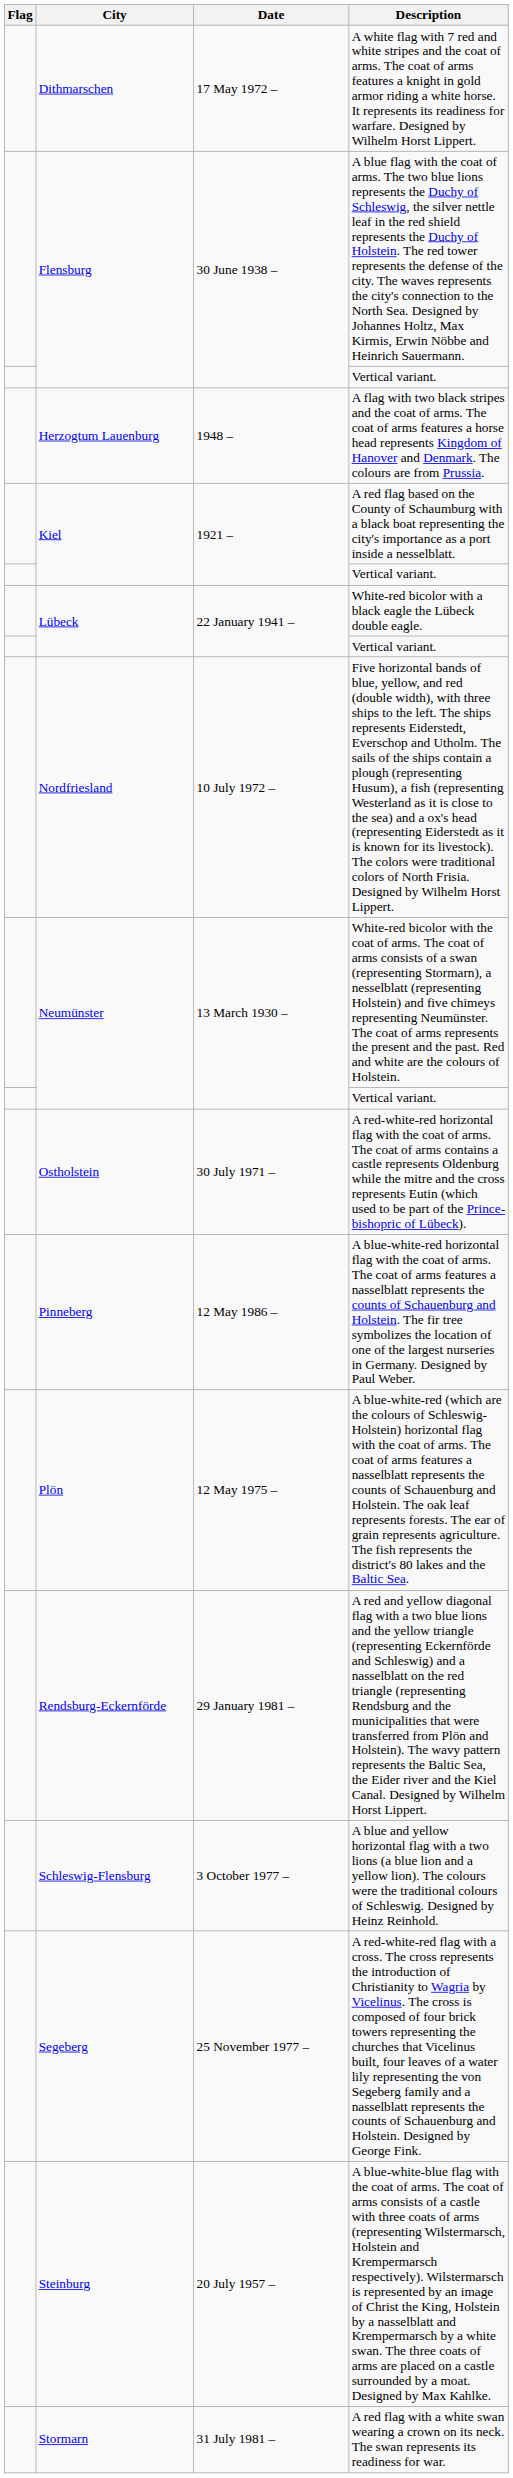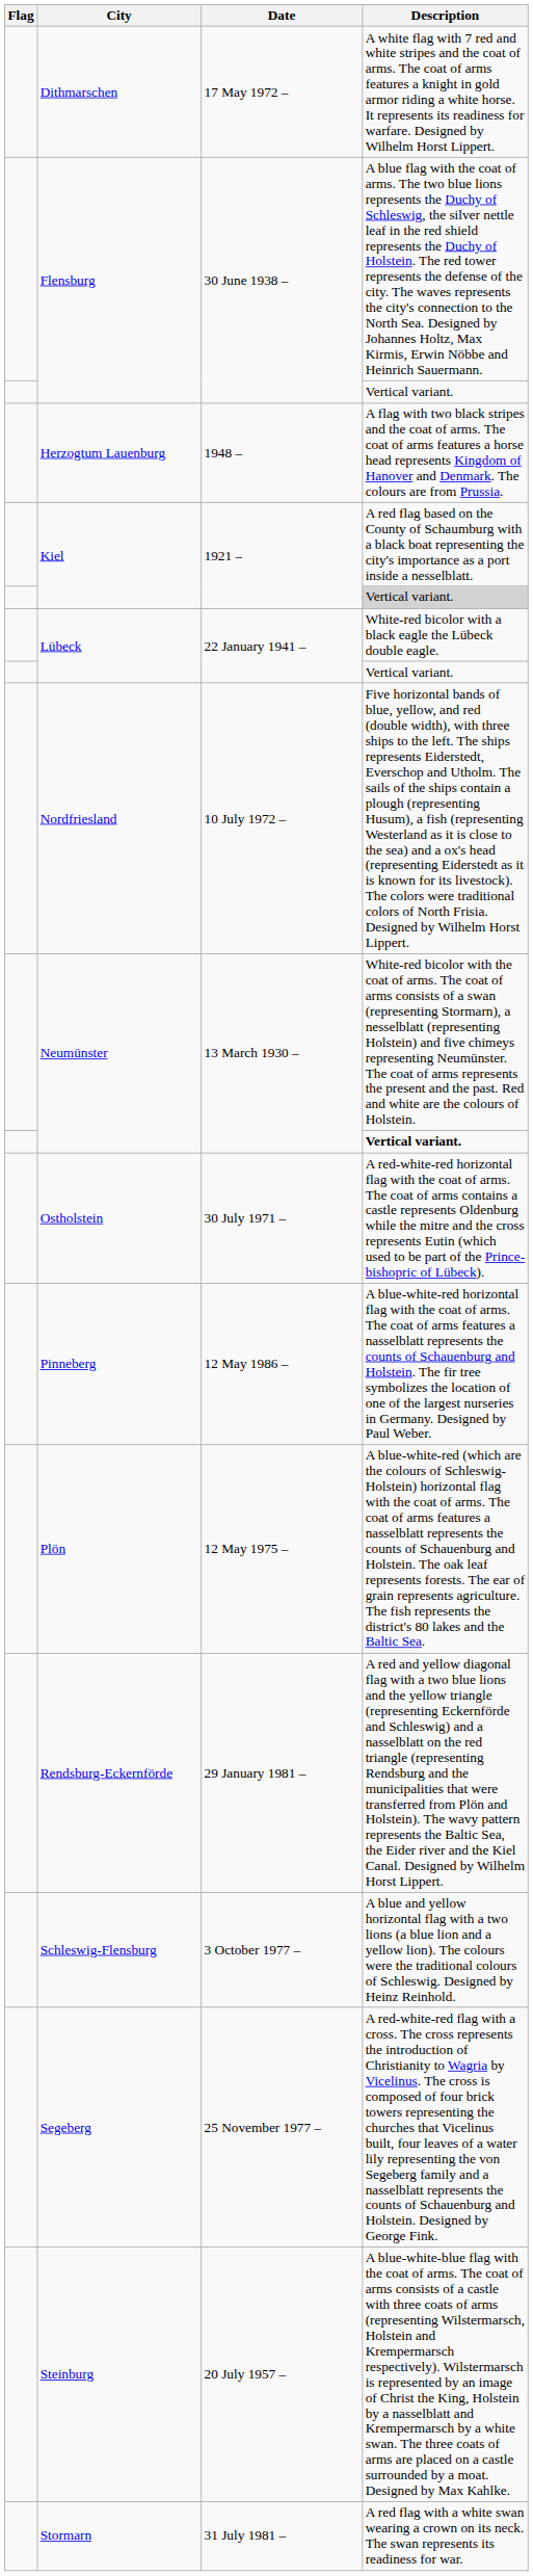 <table class="wikitable">
 <tr style="background:#efefef;">
 <th>Flag</th>
 <th style="width:200px;">City</th>
 <th style="width:200px;">Date</th>
 <th style="width:200px;">Description</th>
 </tr>
 <tr>
 <td></td>
 <td><a href='#'>Dithmarschen</a></td>
 <td>17 May 1972 –</td>
 <td>A white flag with 7 red and white stripes and the coat of arms. The coat of arms features a knight in gold armor riding a white horse. It represents its readiness for warfare. Designed by Wilhelm Horst Lippert.</td>
 </tr>
 <tr>
 <td></td>
 <td rowspan="2"><a href='#'>Flensburg</a></td>
 <td rowspan="2">30 June 1938 –</td>
 <td>A blue flag with the coat of arms. The two blue lions represents the <a href='#'>Duchy of Schleswig</a>, the silver nettle leaf in the red shield represents the <a href='#'>Duchy of Holstein</a>. The red tower represents the defense of the city. The waves represents the city's connection to the North Sea. Designed by Johannes Holtz, Max Kirmis, Erwin Nöbbe and Heinrich Sauermann.</td>
 </tr>
 <tr>
 <td></td>
 <td>Vertical variant.</td>
 </tr>
 <tr>
 <td></td>
 <td><a href='#'>Herzogtum Lauenburg</a></td>
 <td>1948 –</td>
 <td>A flag with two black stripes and the coat of arms. The coat of arms features a horse head represents <a href='#'>Kingdom of Hanover</a> and <a href='#'>Denmark</a>. The colours are from <a href='#'>Prussia</a>.</td>
 </tr>
 <tr>
 <td></td>
 <td rowspan="2"><a href='#'>Kiel</a></td>
 <td rowspan="2">1921 –</td>
 <td>A red flag based on the County of Schaumburg with a black boat representing the city's importance as a port inside a nesselblatt.</td>
 </tr>
 <tr>
 <td></td>
-<td>Vertical variant.</td>
+<td style="background: lightgrey;">Vertical variant.</td>
 </tr>
 <tr>
 <td></td>
 <td rowspan="2"><a href='#'>Lübeck</a></td>
 <td rowspan="2">22 January 1941 –</td>
 <td>White-red bicolor with a black eagle the Lübeck double eagle.</td>
 </tr>
 <tr>
 <td></td>
 <td>Vertical variant.</td>
 </tr>
 <tr>
 <td></td>
 <td><a href='#'>Nordfriesland</a></td>
 <td>10 July 1972 –</td>
 <td>Five horizontal bands of blue, yellow, and red (double width), with three ships to the left. The ships represents Eiderstedt, Everschop and Utholm. The sails of the ships contain a plough (representing Husum), a fish (representing Westerland as it is close to the sea) and a ox's head (representing Eiderstedt as it is known for its livestock). The colors were traditional colors of North Frisia. Designed by Wilhelm Horst Lippert.</td>
 </tr>
 <tr>
 <td></td>
 <td rowspan="2"><a href='#'>Neumünster</a></td>
 <td rowspan="2">13 March 1930 –</td>
 <td>White-red bicolor with the coat of arms. The coat of arms consists of a swan (representing Stormarn), a nesselblatt (representing Holstein) and five chimeys representing Neumünster. The coat of arms represents the present and the past. Red and white are the colours of Holstein.</td>
 </tr>
 <tr>
 <td></td>
-<td>Vertical variant.</td>
+<td><strong>Vertical variant.</strong></td>
 </tr>
 <tr>
 <td></td>
 <td><a href='#'>Ostholstein</a></td>
 <td>30 July 1971 –</td>
 <td>A red-white-red horizontal flag with the coat of arms. The coat of arms contains a castle represents Oldenburg while the mitre and the cross represents Eutin (which used to be part of the <a href='#'>Prince-bishopric of Lübeck</a>).</td>
 </tr>
 <tr>
 <td></td>
 <td><a href='#'>Pinneberg</a></td>
 <td>12 May 1986 –</td>
 <td>A blue-white-red horizontal flag with the coat of arms. The coat of arms features a nasselblatt represents the <a href='#'>counts of Schauenburg and Holstein</a>. The fir tree symbolizes the location of one of the largest nurseries in Germany. Designed by Paul Weber.</td>
 </tr>
 <tr>
 <td></td>
 <td><a href='#'>Plön</a></td>
 <td>12 May 1975 –</td>
 <td>A blue-white-red (which are the colours of Schleswig-Holstein) horizontal flag with the coat of arms. The coat of arms features a nasselblatt represents the counts of Schauenburg and Holstein. The oak leaf represents forests. The ear of grain represents agriculture. The fish represents the district's 80 lakes and the <a href='#'>Baltic Sea</a>.</td>
 </tr>
 <tr>
 <td></td>
 <td><a href='#'>Rendsburg-Eckernförde</a></td>
 <td>29 January 1981 –</td>
 <td>A red and yellow diagonal flag with a two blue lions and the yellow triangle (representing Eckernförde and Schleswig) and a nasselblatt on the red triangle (representing Rendsburg and the municipalities that were transferred from Plön and Holstein). The wavy pattern represents the Baltic Sea, the Eider river and the Kiel Canal. Designed by Wilhelm Horst Lippert.</td>
 </tr>
 <tr>
 <td></td>
 <td><a href='#'>Schleswig-Flensburg</a></td>
 <td>3 October 1977 –</td>
 <td>A blue and yellow horizontal flag with a two lions (a blue lion and a yellow lion). The colours were the traditional colours of Schleswig. Designed by Heinz Reinhold.</td>
 </tr>
 <tr>
 <td></td>
 <td><a href='#'>Segeberg</a></td>
 <td>25 November 1977 –</td>
 <td>A red-white-red flag with a cross. The cross represents the introduction of Christianity to <a href='#'>Wagria</a> by <a href='#'>Vicelinus</a>. The cross is composed of four brick towers representing the churches that Vicelinus built, four leaves of a water lily representing the von Segeberg family and a nasselblatt represents the counts of Schauenburg and Holstein. Designed by George Fink.</td>
 </tr>
 <tr>
 <td></td>
 <td><a href='#'>Steinburg</a></td>
 <td>20 July 1957 –</td>
 <td>A blue-white-blue flag with the coat of arms. The coat of arms consists of a castle with three coats of arms (representing Wilstermarsch, Holstein and Krempermarsch respectively). Wilstermarsch is represented by an image of Christ the King, Holstein by a nasselblatt and Krempermarsch by a white swan. The three coats of arms are placed on a castle surrounded by a moat. Designed by Max Kahlke.</td>
 </tr>
 <tr>
 <td></td>
 <td><a href='#'>Stormarn</a></td>
 <td>31 July 1981 –</td>
 <td>A red flag with a white swan wearing a crown on its neck. The swan represents its readiness for war.</td>
 </tr>
 </table>
